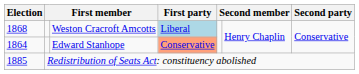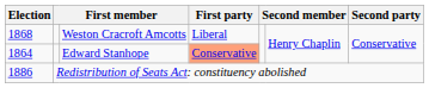 <table class="wikitable">
 <tr>
 <th>Election</th>
 <th colspan="2">First member</th>
 <th>First party</th>
 <th colspan="2">Second member</th>
 <th>Second party</th>
 </tr>
 <tr>
 <td><a href='#'>1868</a></td>
 <td style="color:inherit;background-color: "></td>
 <td><a href='#'>Weston Cracroft Amcotts</a></td>
-<td style="background: lightblue;"><a href='#'>Liberal</a></td>
+<td><a href='#'>Liberal</a></td>
 <td rowspan="2" style="color:inherit;background-color: "></td>
 <td rowspan="2"><a href='#'>Henry Chaplin</a></td>
 <td rowspan="2"><a href='#'>Conservative</a></td>
 </tr>
 <tr>
 <td><a href='#'>1864</a></td>
 <td style="color:inherit;background-color: "></td>
 <td><a href='#'>Edward Stanhope</a></td>
 <td style="background: lightsalmon;"><a href='#'>Conservative</a></td>
 </tr>
 <tr>
-<td><a href='#'>1885</a></td>
+<td><a href='#'>1886</a></td>
 <td colspan="6"><em><a href='#'>Redistribution of Seats Act</a>: constituency abolished</em></td>
 </tr>
 </table>
